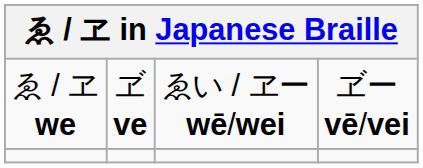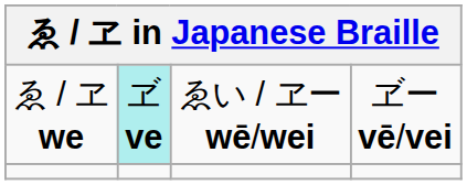 <table class="wikitable nowrap" style="text-align:center">
 <tr>
 <th colspan=4>ゑ / ヱ in <a href='#'>Japanese Braille</a></th>
 </tr>
 <tr>
 <td>ゑ / ヱ <br><strong>we</strong></td>
-<td>ヹ <br><strong>ve</strong></td>
+<td style="background: paleturquoise;">ヹ <br><strong>ve</strong></td>
 <td>ゑい / ヱー <br><strong>wē</strong>/<strong>wei</strong></td>
 <td>ヹー <br><strong>vē</strong>/<strong>vei</strong></td>
 </tr>
 <tr>
 <td></td>
 <td></td>
 <td></td>
 <td></td>
 </tr>
 </table>
